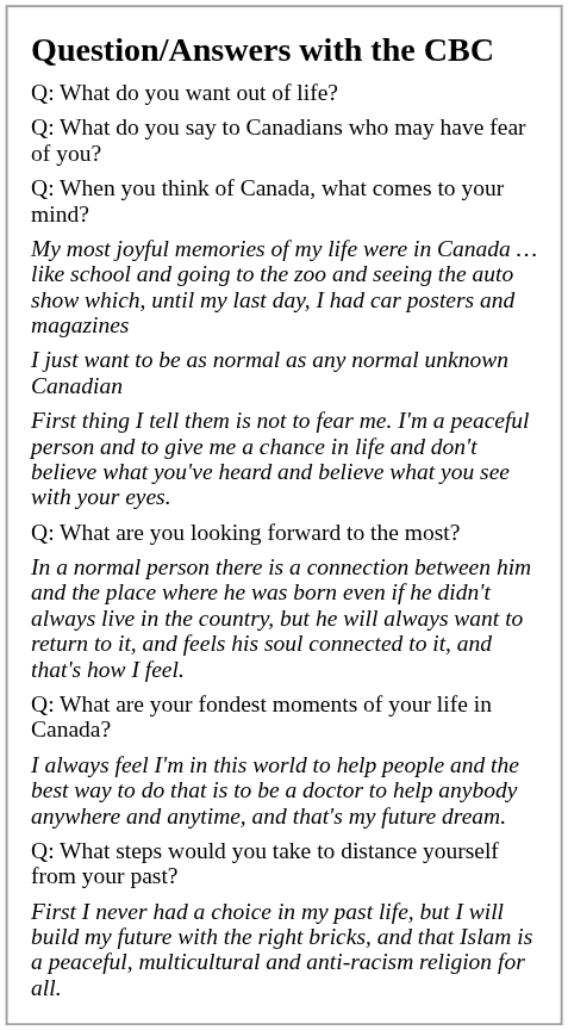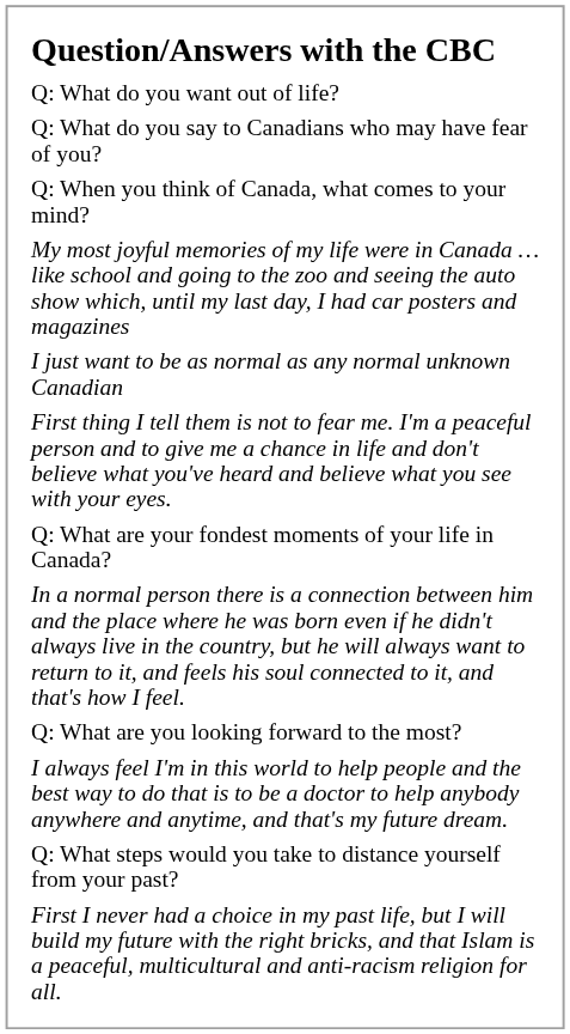 <table style="float:right; margin:1em 1em 1em 1em; width:15em; border: 1px solid #a0a0a0; padding: 7px; bg-color=yellow; text-align:left;">
 <tr style="text-align:left; font-size:90%;">
 <td><strong>Question/Answers with the CBC</strong></td>
 </tr>
 <tr style="text-align:left; font-size:x-small;">
 <td>Q: What do you want out of life?</td>
 </tr>
 <tr style="text-align:left; font-size:x-small;">
 <td>Q: What do you say to Canadians who may have fear of you?</td>
 </tr>
 <tr style="text-align:left; font-size:x-small;">
 <td>Q: When you think of Canada, what comes to your mind?</td>
 </tr>
 <tr style="text-align:left; font-size:x-small;">
 <td><em>My most joyful memories of my life were in Canada … like school and going to the zoo and seeing the auto show which, until my last day, I had car posters and magazines</em></td>
 </tr>
 <tr style="text-align:left; font-size:x-small;">
 <td><em>I just want to be as normal as any normal unknown Canadian</em></td>
 </tr>
 <tr style="text-align:left; font-size:x-small;">
 <td><em>First thing I tell them is not to fear me. I'm a peaceful person and to give me a chance in life and don't believe what you've heard and believe what you see with your eyes.</em></td>
 </tr>
 <tr style="text-align:left; font-size:x-small;">
-<td>Q: What are you looking forward to the most?</td>
+<td>Q: What are your fondest moments of your life in Canada?</td>
 </tr>
 <tr style="text-align:left; font-size:x-small;">
 <td><em>In a normal person there is a connection between him and the place where he was born even if he didn't always live in the country, but he will always want to return to it, and feels his soul connected to it, and that's how I feel.</em></td>
 </tr>
 <tr style="text-align:left; font-size:x-small;">
-<td>Q: What are your fondest moments of your life in Canada?</td>
+<td>Q: What are you looking forward to the most?</td>
 </tr>
 <tr style="text-align:left; font-size:x-small;">
 <td><em>I always feel I'm in this world to help people and the best way to do that is to be a doctor to help anybody anywhere and anytime, and that's my future dream.</em></td>
 </tr>
 <tr style="text-align:left; font-size:x-small;">
 <td>Q: What steps would you take to distance yourself from your past?</td>
 </tr>
 <tr style="text-align:left; font-size:x-small;">
 <td><em>First I never had a choice in my past life, but I will build my future with the right bricks, and that Islam is a peaceful, multicultural and anti-racism religion for all.</em></td>
 </tr>
 </table>
